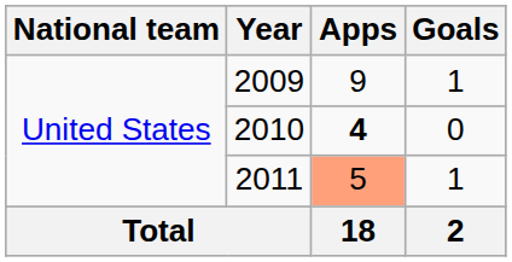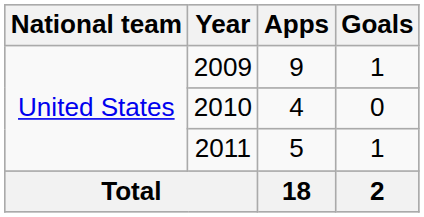 <table class="wikitable" style="text-align:center">
 <tr>
 <th>National team</th>
 <th>Year</th>
 <th>Apps</th>
 <th>Goals</th>
 </tr>
 <tr>
 <td rowspan="3" valign="center"><a href='#'>United States</a></td>
 <td>2009</td>
 <td>9</td>
 <td>1</td>
 </tr>
 <tr>
 <td>2010</td>
-<td><strong>4</strong></td>
+<td>4</td>
 <td>0</td>
 </tr>
 <tr>
 <td>2011</td>
-<td style="background: lightsalmon;">5</td>
+<td>5</td>
 <td>1</td>
 </tr>
 <tr>
 <th colspan="2">Total</th>
 <th>18</th>
 <th>2</th>
 </tr>
 </table>
